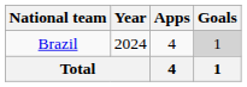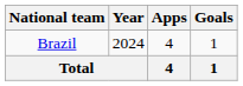 <table class="wikitable" style="text-align:center">
 <tr>
 <th>National team</th>
 <th>Year</th>
 <th>Apps</th>
 <th>Goals</th>
 </tr>
 <tr>
 <td><a href='#'>Brazil</a></td>
 <td>2024</td>
 <td>4</td>
-<td style="background: lightgrey;">1</td>
+<td>1</td>
 </tr>
 <tr>
 <th colspan="2">Total</th>
 <th>4</th>
 <th>1</th>
 </tr>
 </table>
